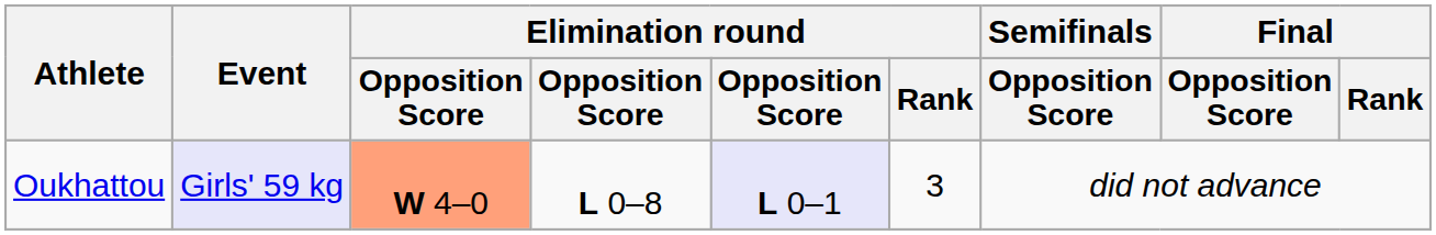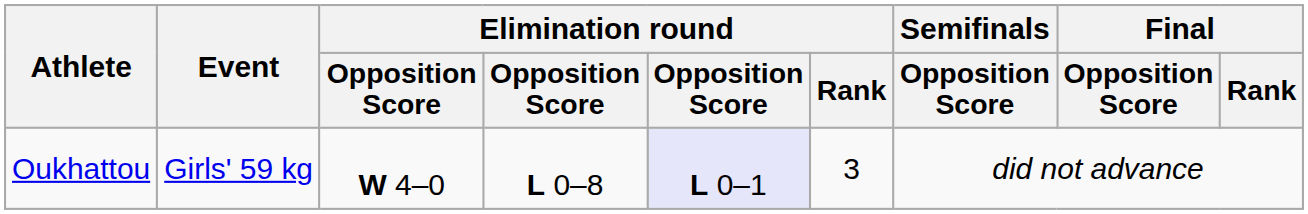 <table class="wikitable" style="text-align:center;font-size:90%">
 <tr>
 <th rowspan=2>Athlete</th>
 <th rowspan=2>Event</th>
 <th colspan=4>Elimination round</th>
 <th>Semifinals</th>
 <th colspan=2>Final</th>
 </tr>
 <tr style="font-size:95%">
 <th>Opposition<br>Score</th>
 <th>Opposition<br>Score</th>
 <th>Opposition<br>Score</th>
 <th>Rank</th>
 <th>Opposition<br>Score</th>
 <th>Opposition<br>Score</th>
 <th>Rank</th>
 </tr>
 <tr>
 <td align=left><a href='#'>Oukhattou</a></td>
-<td align=left style="background: lavender;"><a href='#'>Girls' 59 kg</a></td>
-<td style="background: lightsalmon;"><br><strong>W</strong> 4–0</td>
+<td align=left><a href='#'>Girls' 59 kg</a></td>
+<td><br><strong>W</strong> 4–0</td>
 <td><br><strong>L</strong> 0–8</td>
 <td style="background: lavender;"><br><strong>L</strong> 0–1</td>
 <td>3</td>
 <td colspan=3><em>did not advance</em></td>
 </tr>
 </table>
